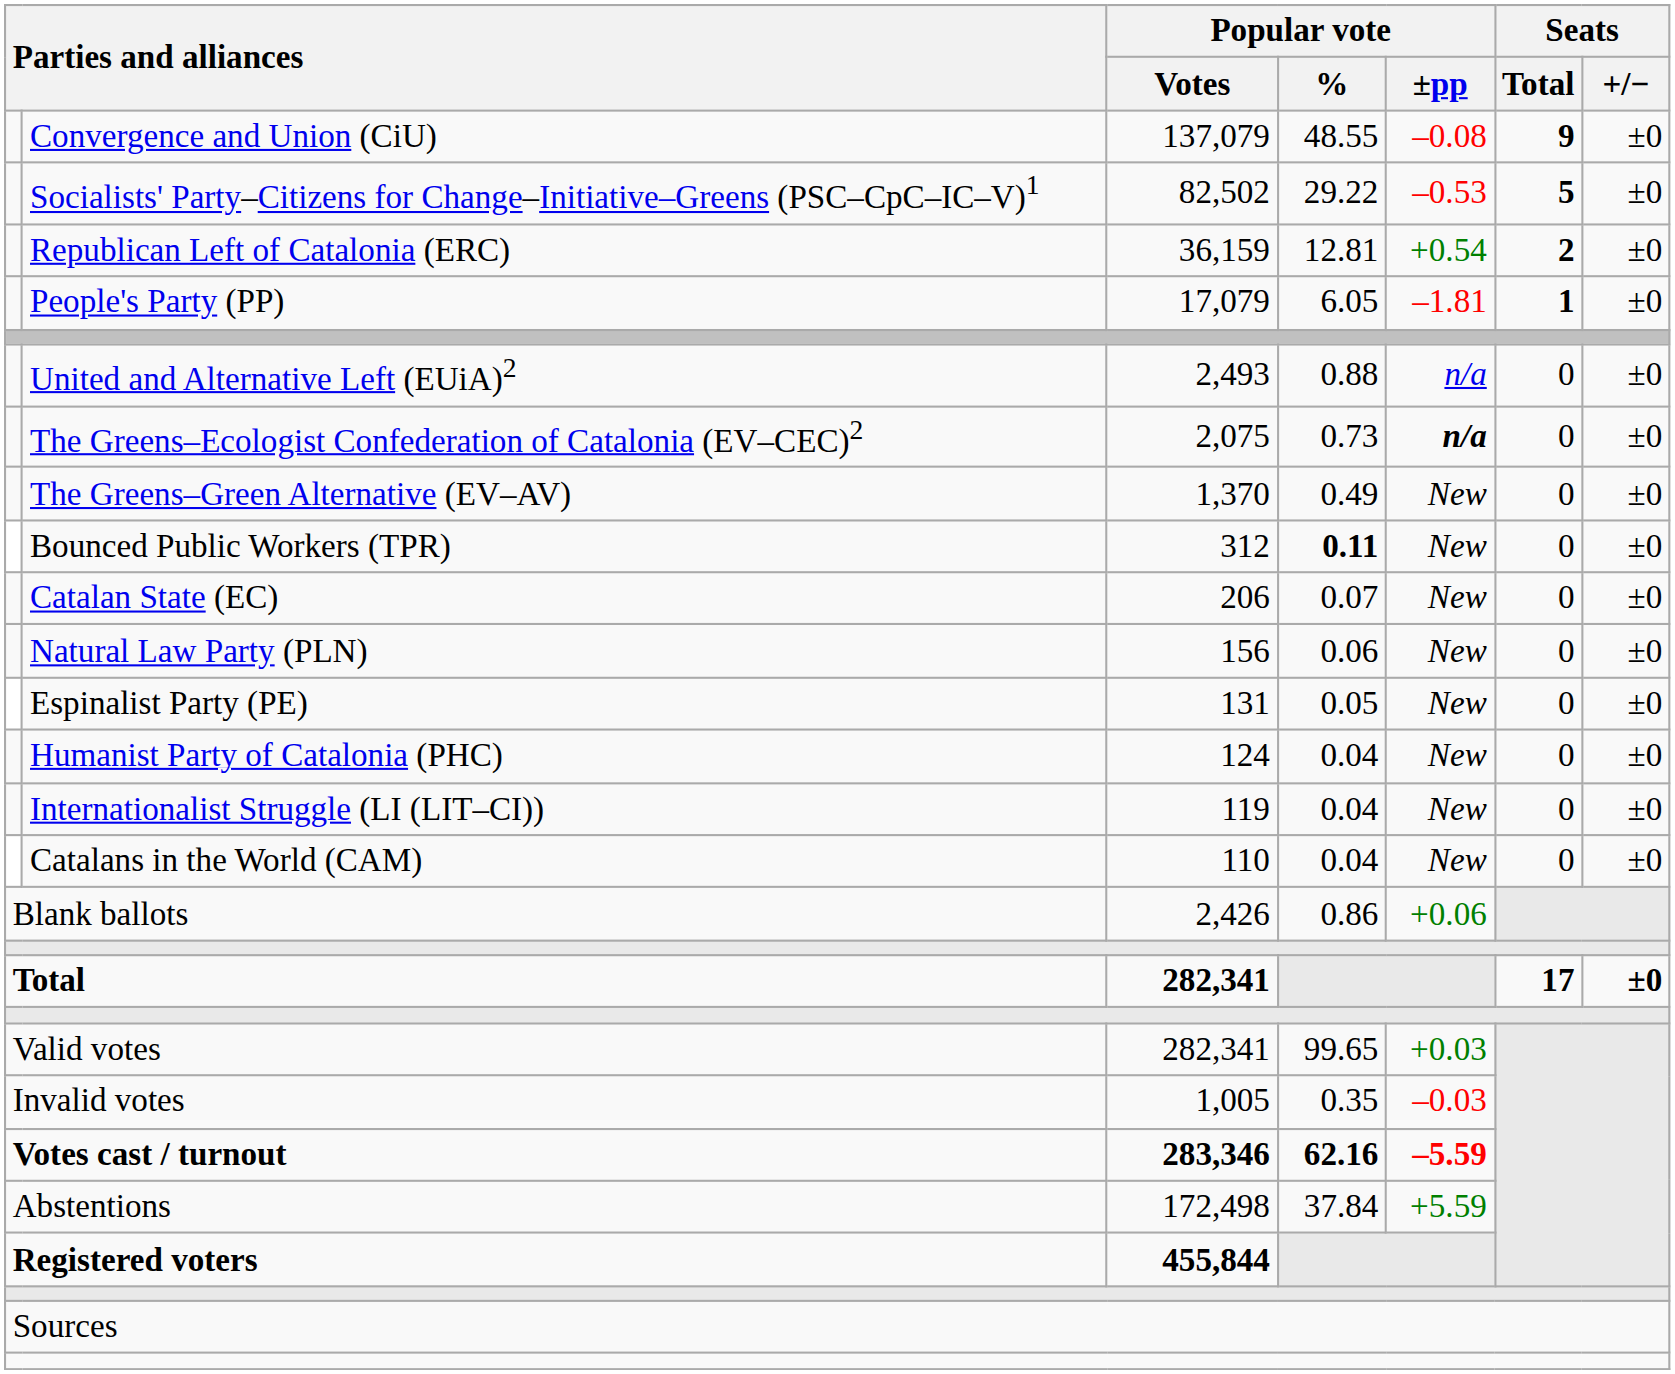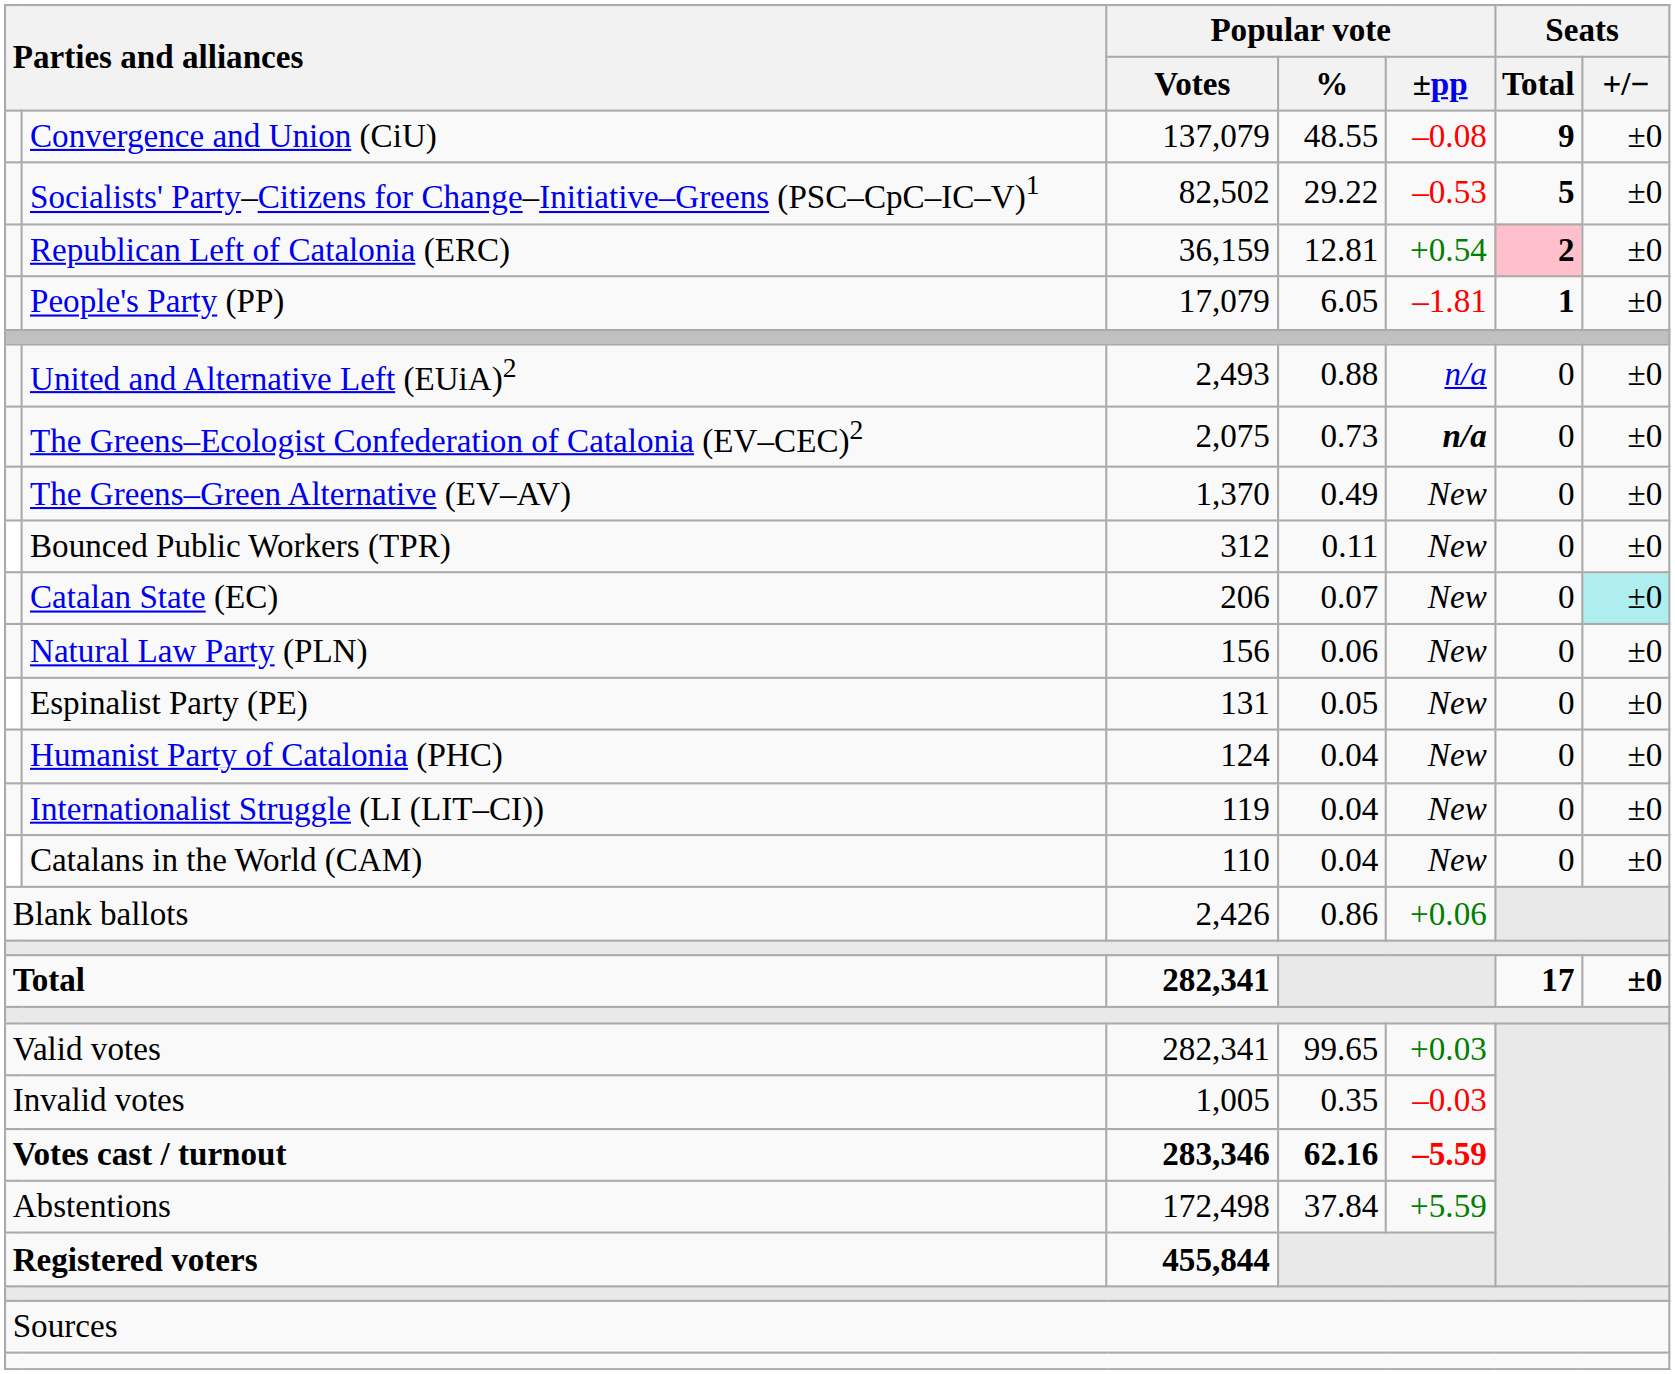 <table class="wikitable" style="text-align:right;">
 <tr>
 <th style="text-align:left;" rowspan="2" colspan="2" width="525">Parties and alliances</th>
 <th colspan="3">Popular vote</th>
 <th colspan="2">Seats</th>
 </tr>
 <tr>
 <th width="75">Votes</th>
 <th width="45">%</th>
 <th width="45">±<a href='#'>pp</a></th>
 <th width="35">Total</th>
 <th width="35">+/−</th>
 </tr>
 <tr>
 <td width="1" style="color:inherit;background:"></td>
 <td align="left"><a href='#'>Convergence and Union</a> (CiU)</td>
 <td>137,079</td>
 <td>48.55</td>
 <td style="color:red;">–0.08</td>
 <td><strong>9</strong></td>
 <td>±0</td>
 </tr>
 <tr>
 <td style="color:inherit;background:"></td>
 <td align="left"><a href='#'>Socialists' Party</a>–<a href='#'>Citizens for Change</a>–<a href='#'>Initiative–Greens</a> (PSC–CpC–IC–V)<sup>1</sup></td>
 <td>82,502</td>
 <td>29.22</td>
 <td style="color:red;">–0.53</td>
 <td><strong>5</strong></td>
 <td>±0</td>
 </tr>
 <tr>
 <td style="color:inherit;background:"></td>
 <td align="left"><a href='#'>Republican Left of Catalonia</a> (ERC)</td>
 <td>36,159</td>
 <td>12.81</td>
 <td style="color:green;">+0.54</td>
-<td><strong>2</strong></td>
+<td style="background: pink;"><strong>2</strong></td>
 <td>±0</td>
 </tr>
 <tr>
 <td style="color:inherit;background:"></td>
 <td align="left"><a href='#'>People's Party</a> (PP)</td>
 <td>17,079</td>
 <td>6.05</td>
 <td style="color:red;">–1.81</td>
 <td><strong>1</strong></td>
 <td>±0</td>
 </tr>
 <tr>
 <td colspan="7" bgcolor="#C0C0C0"></td>
 </tr>
 <tr>
 <td style="color:inherit;background:"></td>
 <td align="left"><a href='#'>United and Alternative Left</a> (EUiA)<sup>2</sup></td>
 <td>2,493</td>
 <td>0.88</td>
 <td><em><a href='#'>n/a</a></em></td>
 <td>0</td>
 <td>±0</td>
 </tr>
 <tr>
 <td style="color:inherit;background:"></td>
 <td align="left"><a href='#'>The Greens–Ecologist Confederation of Catalonia</a> (EV–CEC)<sup>2</sup></td>
 <td>2,075</td>
 <td>0.73</td>
 <td><strong><em>n/a</em></strong></td>
 <td>0</td>
 <td>±0</td>
 </tr>
 <tr>
 <td style="color:inherit;background:"></td>
 <td align="left"><a href='#'>The Greens–Green Alternative</a> (EV–AV)</td>
 <td>1,370</td>
 <td>0.49</td>
 <td><em>New</em></td>
 <td>0</td>
 <td>±0</td>
 </tr>
 <tr>
 <td bgcolor="white"></td>
 <td align="left">Bounced Public Workers (TPR)</td>
 <td>312</td>
-<td><strong>0.11</strong></td>
+<td>0.11</td>
 <td><em>New</em></td>
 <td>0</td>
 <td>±0</td>
 </tr>
 <tr>
 <td style="color:inherit;background:"></td>
 <td align="left"><a href='#'>Catalan State</a> (EC)</td>
 <td>206</td>
 <td>0.07</td>
 <td><em>New</em></td>
 <td>0</td>
-<td>±0</td>
+<td style="background: paleturquoise;">±0</td>
 </tr>
 <tr>
 <td style="color:inherit;background:"></td>
 <td align="left"><a href='#'>Natural Law Party</a> (PLN)</td>
 <td>156</td>
 <td>0.06</td>
 <td><em>New</em></td>
 <td>0</td>
 <td>±0</td>
 </tr>
 <tr>
 <td bgcolor="white"></td>
 <td align="left">Espinalist Party (PE)</td>
 <td>131</td>
 <td>0.05</td>
 <td><em>New</em></td>
 <td>0</td>
 <td>±0</td>
 </tr>
 <tr>
 <td style="color:inherit;background:"></td>
 <td align="left"><a href='#'>Humanist Party of Catalonia</a> (PHC)</td>
 <td>124</td>
 <td>0.04</td>
 <td><em>New</em></td>
 <td>0</td>
 <td>±0</td>
 </tr>
 <tr>
 <td style="color:inherit;background:"></td>
 <td align="left"><a href='#'>Internationalist Struggle</a> (LI (LIT–CI))</td>
 <td>119</td>
 <td>0.04</td>
 <td><em>New</em></td>
 <td>0</td>
 <td>±0</td>
 </tr>
 <tr>
 <td bgcolor="white"></td>
 <td align="left">Catalans in the World (CAM)</td>
 <td>110</td>
 <td>0.04</td>
 <td><em>New</em></td>
 <td>0</td>
 <td>±0</td>
 </tr>
 <tr>
 <td align="left" colspan="2">Blank ballots</td>
 <td>2,426</td>
 <td>0.86</td>
 <td style="color:green;">+0.06</td>
 <td bgcolor="#E9E9E9" colspan="2"></td>
 </tr>
 <tr>
 <td colspan="7" bgcolor="#E9E9E9"></td>
 </tr>
 <tr style="font-weight:bold;">
 <td align="left" colspan="2">Total</td>
 <td>282,341</td>
 <td bgcolor="#E9E9E9" colspan="2"></td>
 <td>17</td>
 <td>±0</td>
 </tr>
 <tr>
 <td colspan="7" bgcolor="#E9E9E9"></td>
 </tr>
 <tr>
 <td align="left" colspan="2">Valid votes</td>
 <td>282,341</td>
 <td>99.65</td>
 <td style="color:green;">+0.03</td>
 <td bgcolor="#E9E9E9" colspan="2" rowspan="5"></td>
 </tr>
 <tr>
 <td align="left" colspan="2">Invalid votes</td>
 <td>1,005</td>
 <td>0.35</td>
 <td style="color:red;">–0.03</td>
 </tr>
 <tr style="font-weight:bold;">
 <td align="left" colspan="2">Votes cast / turnout</td>
 <td>283,346</td>
 <td>62.16</td>
 <td style="color:red;">–5.59</td>
 </tr>
 <tr>
 <td align="left" colspan="2">Abstentions</td>
 <td>172,498</td>
 <td>37.84</td>
 <td style="color:green;">+5.59</td>
 </tr>
 <tr style="font-weight:bold;">
 <td align="left" colspan="2">Registered voters</td>
 <td>455,844</td>
 <td bgcolor="#E9E9E9" colspan="2"></td>
 </tr>
 <tr>
 <td colspan="7" bgcolor="#E9E9E9"></td>
 </tr>
 <tr>
 <td align="left" colspan="7">Sources</td>
 </tr>
 <tr>
 <td colspan="7" style="text-align:left; max-width:790px;"></td>
 </tr>
 </table>
